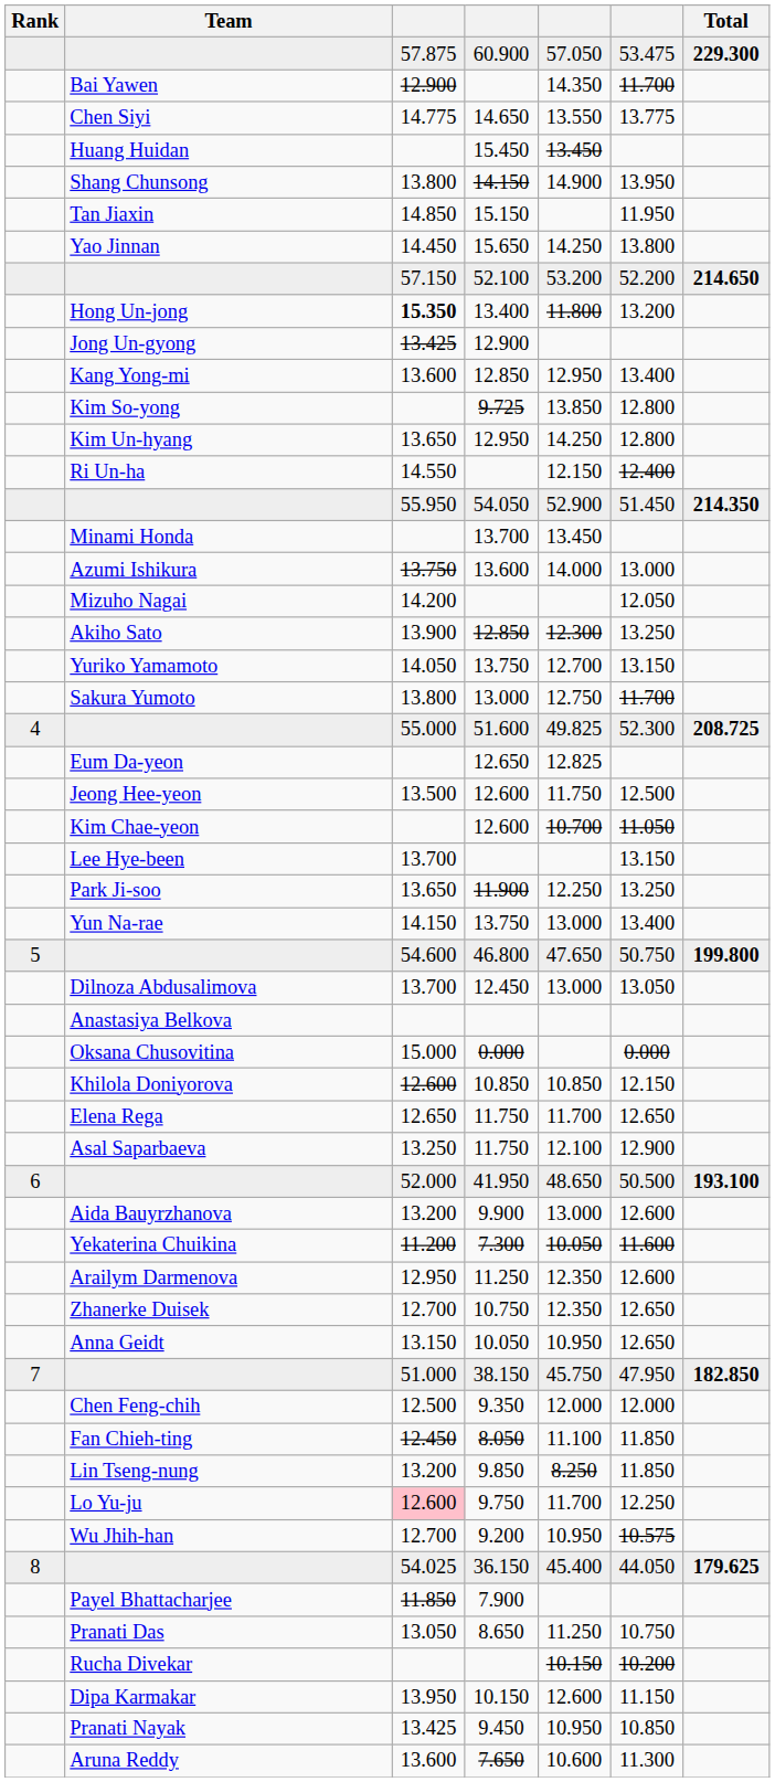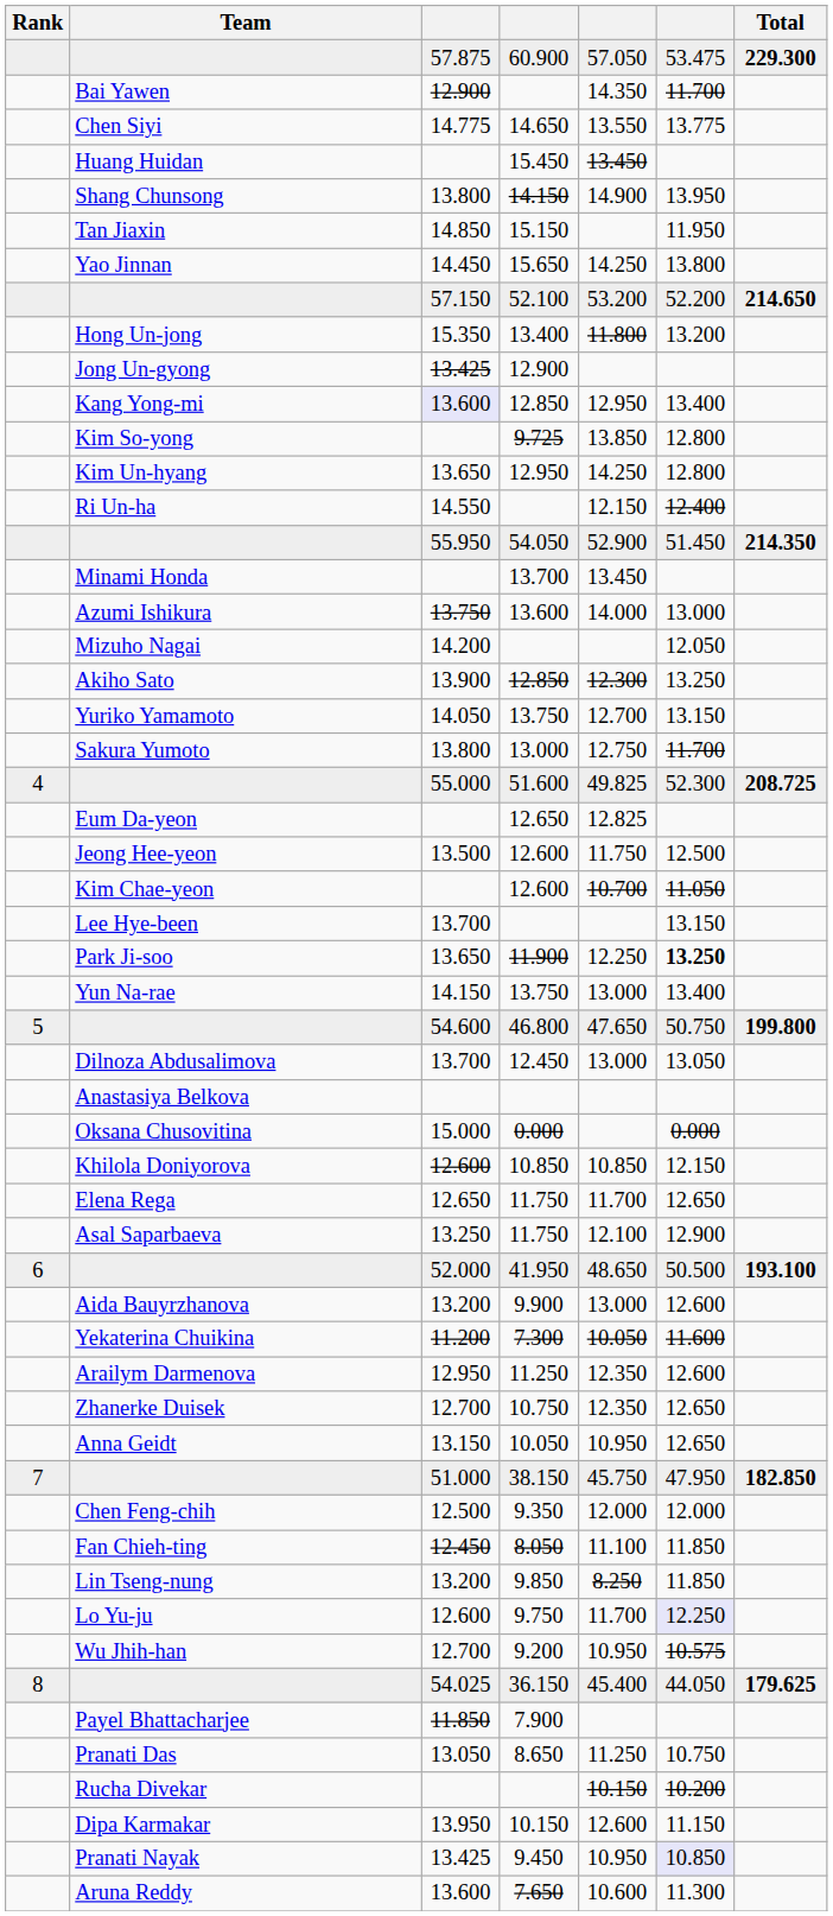 <table class=wikitable style="text-align:center">
 <tr>
 <th width=40>Rank</th>
 <th width=250>Team</th>
 <th width=50></th>
 <th width=50></th>
 <th width=50></th>
 <th width=50></th>
 <th width=60>Total</th>
 </tr>
 <tr bgcolor=eeeeee>
 <td></td>
 <td align=left></td>
 <td>57.875</td>
 <td>60.900</td>
 <td>57.050</td>
 <td>53.475</td>
 <td><strong>229.300</strong></td>
 </tr>
 <tr>
 <td></td>
 <td align=left><a href='#'>Bai Yawen</a></td>
 <td><s>12.900</s></td>
 <td></td>
 <td>14.350</td>
 <td><s>11.700</s></td>
 <td></td>
 </tr>
 <tr>
 <td></td>
 <td align=left><a href='#'>Chen Siyi</a></td>
 <td>14.775</td>
 <td>14.650</td>
 <td>13.550</td>
 <td>13.775</td>
 <td></td>
 </tr>
 <tr>
 <td></td>
 <td align=left><a href='#'>Huang Huidan</a></td>
 <td></td>
 <td>15.450</td>
 <td><s>13.450</s></td>
 <td></td>
 <td></td>
 </tr>
 <tr>
 <td></td>
 <td align=left><a href='#'>Shang Chunsong</a></td>
 <td>13.800</td>
 <td><s>14.150</s></td>
 <td>14.900</td>
 <td>13.950</td>
 <td></td>
 </tr>
 <tr>
 <td></td>
 <td align=left><a href='#'>Tan Jiaxin</a></td>
 <td>14.850</td>
 <td>15.150</td>
 <td></td>
 <td>11.950</td>
 <td></td>
 </tr>
 <tr>
 <td></td>
 <td align=left><a href='#'>Yao Jinnan</a></td>
 <td>14.450</td>
 <td>15.650</td>
 <td>14.250</td>
 <td>13.800</td>
 <td></td>
 </tr>
 <tr bgcolor=eeeeee>
 <td></td>
 <td align=left></td>
 <td>57.150</td>
 <td>52.100</td>
 <td>53.200</td>
 <td>52.200</td>
 <td><strong>214.650</strong></td>
 </tr>
 <tr>
 <td></td>
 <td align=left><a href='#'>Hong Un-jong</a></td>
-<td><strong>15.350</strong></td>
+<td>15.350</td>
 <td>13.400</td>
 <td><s>11.800</s></td>
 <td>13.200</td>
 <td></td>
 </tr>
 <tr>
 <td></td>
 <td align=left><a href='#'>Jong Un-gyong</a></td>
 <td><s>13.425</s></td>
 <td>12.900</td>
 <td></td>
 <td></td>
 <td></td>
 </tr>
 <tr>
 <td></td>
 <td align=left><a href='#'>Kang Yong-mi</a></td>
-<td>13.600</td>
+<td style="background: lavender;">13.600</td>
 <td>12.850</td>
 <td>12.950</td>
 <td>13.400</td>
 <td></td>
 </tr>
 <tr>
 <td></td>
 <td align=left><a href='#'>Kim So-yong</a></td>
 <td></td>
 <td><s>9.725</s></td>
 <td>13.850</td>
 <td>12.800</td>
 <td></td>
 </tr>
 <tr>
 <td></td>
 <td align=left><a href='#'>Kim Un-hyang</a></td>
 <td>13.650</td>
 <td>12.950</td>
 <td>14.250</td>
 <td>12.800</td>
 <td></td>
 </tr>
 <tr>
 <td></td>
 <td align=left><a href='#'>Ri Un-ha</a></td>
 <td>14.550</td>
 <td></td>
 <td>12.150</td>
 <td><s>12.400</s></td>
 <td></td>
 </tr>
 <tr bgcolor=eeeeee>
 <td></td>
 <td align=left></td>
 <td>55.950</td>
 <td>54.050</td>
 <td>52.900</td>
 <td>51.450</td>
 <td><strong>214.350</strong></td>
 </tr>
 <tr>
 <td></td>
 <td align=left><a href='#'>Minami Honda</a></td>
 <td></td>
 <td>13.700</td>
 <td>13.450</td>
 <td></td>
 <td></td>
 </tr>
 <tr>
 <td></td>
 <td align=left><a href='#'>Azumi Ishikura</a></td>
 <td><s>13.750</s></td>
 <td>13.600</td>
 <td>14.000</td>
 <td>13.000</td>
 <td></td>
 </tr>
 <tr>
 <td></td>
 <td align=left><a href='#'>Mizuho Nagai</a></td>
 <td>14.200</td>
 <td></td>
 <td></td>
 <td>12.050</td>
 <td></td>
 </tr>
 <tr>
 <td></td>
 <td align=left><a href='#'>Akiho Sato</a></td>
 <td>13.900</td>
 <td><s>12.850</s></td>
 <td><s>12.300</s></td>
 <td>13.250</td>
 <td></td>
 </tr>
 <tr>
 <td></td>
 <td align=left><a href='#'>Yuriko Yamamoto</a></td>
 <td>14.050</td>
 <td>13.750</td>
 <td>12.700</td>
 <td>13.150</td>
 <td></td>
 </tr>
 <tr>
 <td></td>
 <td align=left><a href='#'>Sakura Yumoto</a></td>
 <td>13.800</td>
 <td>13.000</td>
 <td>12.750</td>
 <td><s>11.700</s></td>
 <td></td>
 </tr>
 <tr bgcolor=eeeeee>
 <td>4</td>
 <td align=left></td>
 <td>55.000</td>
 <td>51.600</td>
 <td>49.825</td>
 <td>52.300</td>
 <td><strong>208.725</strong></td>
 </tr>
 <tr>
 <td></td>
 <td align=left><a href='#'>Eum Da-yeon</a></td>
 <td></td>
 <td>12.650</td>
 <td>12.825</td>
 <td></td>
 <td></td>
 </tr>
 <tr>
 <td></td>
 <td align=left><a href='#'>Jeong Hee-yeon</a></td>
 <td>13.500</td>
 <td>12.600</td>
 <td>11.750</td>
 <td>12.500</td>
 <td></td>
 </tr>
 <tr>
 <td></td>
 <td align=left><a href='#'>Kim Chae-yeon</a></td>
 <td></td>
 <td>12.600</td>
 <td><s>10.700</s></td>
 <td><s>11.050</s></td>
 <td></td>
 </tr>
 <tr>
 <td></td>
 <td align=left><a href='#'>Lee Hye-been</a></td>
 <td>13.700</td>
 <td></td>
 <td></td>
 <td>13.150</td>
 <td></td>
 </tr>
 <tr>
 <td></td>
 <td align=left><a href='#'>Park Ji-soo</a></td>
 <td>13.650</td>
 <td><s>11.900</s></td>
 <td>12.250</td>
-<td>13.250</td>
+<td><strong>13.250</strong></td>
 <td></td>
 </tr>
 <tr>
 <td></td>
 <td align=left><a href='#'>Yun Na-rae</a></td>
 <td>14.150</td>
 <td>13.750</td>
 <td>13.000</td>
 <td>13.400</td>
 <td></td>
 </tr>
 <tr bgcolor=eeeeee>
 <td>5</td>
 <td align=left></td>
 <td>54.600</td>
 <td>46.800</td>
 <td>47.650</td>
 <td>50.750</td>
 <td><strong>199.800</strong></td>
 </tr>
 <tr>
 <td></td>
 <td align=left><a href='#'>Dilnoza Abdusalimova</a></td>
 <td>13.700</td>
 <td>12.450</td>
 <td>13.000</td>
 <td>13.050</td>
 <td></td>
 </tr>
 <tr>
 <td></td>
 <td align=left><a href='#'>Anastasiya Belkova</a></td>
 <td></td>
 <td></td>
 <td></td>
 <td></td>
 <td></td>
 </tr>
 <tr>
 <td></td>
 <td align=left><a href='#'>Oksana Chusovitina</a></td>
 <td>15.000</td>
 <td><s>0.000</s></td>
 <td></td>
 <td><s>0.000</s></td>
 <td></td>
 </tr>
 <tr>
 <td></td>
 <td align=left><a href='#'>Khilola Doniyorova</a></td>
 <td><s>12.600</s></td>
 <td>10.850</td>
 <td>10.850</td>
 <td>12.150</td>
 <td></td>
 </tr>
 <tr>
 <td></td>
 <td align=left><a href='#'>Elena Rega</a></td>
 <td>12.650</td>
 <td>11.750</td>
 <td>11.700</td>
 <td>12.650</td>
 <td></td>
 </tr>
 <tr>
 <td></td>
 <td align=left><a href='#'>Asal Saparbaeva</a></td>
 <td>13.250</td>
 <td>11.750</td>
 <td>12.100</td>
 <td>12.900</td>
 <td></td>
 </tr>
 <tr bgcolor=eeeeee>
 <td>6</td>
 <td align=left></td>
 <td>52.000</td>
 <td>41.950</td>
 <td>48.650</td>
 <td>50.500</td>
 <td><strong>193.100</strong></td>
 </tr>
 <tr>
 <td></td>
 <td align=left><a href='#'>Aida Bauyrzhanova</a></td>
 <td>13.200</td>
 <td>9.900</td>
 <td>13.000</td>
 <td>12.600</td>
 <td></td>
 </tr>
 <tr>
 <td></td>
 <td align=left><a href='#'>Yekaterina Chuikina</a></td>
 <td><s>11.200</s></td>
 <td><s>7.300</s></td>
 <td><s>10.050</s></td>
 <td><s>11.600</s></td>
 <td></td>
 </tr>
 <tr>
 <td></td>
 <td align=left><a href='#'>Arailym Darmenova</a></td>
 <td>12.950</td>
 <td>11.250</td>
 <td>12.350</td>
 <td>12.600</td>
 <td></td>
 </tr>
 <tr>
 <td></td>
 <td align=left><a href='#'>Zhanerke Duisek</a></td>
 <td>12.700</td>
 <td>10.750</td>
 <td>12.350</td>
 <td>12.650</td>
 <td></td>
 </tr>
 <tr>
 <td></td>
 <td align=left><a href='#'>Anna Geidt</a></td>
 <td>13.150</td>
 <td>10.050</td>
 <td>10.950</td>
 <td>12.650</td>
 <td></td>
 </tr>
 <tr bgcolor=eeeeee>
 <td>7</td>
 <td align=left></td>
 <td>51.000</td>
 <td>38.150</td>
 <td>45.750</td>
 <td>47.950</td>
 <td><strong>182.850</strong></td>
 </tr>
 <tr>
 <td></td>
 <td align=left><a href='#'>Chen Feng-chih</a></td>
 <td>12.500</td>
 <td>9.350</td>
 <td>12.000</td>
 <td>12.000</td>
 <td></td>
 </tr>
 <tr>
 <td></td>
 <td align=left><a href='#'>Fan Chieh-ting</a></td>
 <td><s>12.450</s></td>
 <td><s>8.050</s></td>
 <td>11.100</td>
 <td>11.850</td>
 <td></td>
 </tr>
 <tr>
 <td></td>
 <td align=left><a href='#'>Lin Tseng-nung</a></td>
 <td>13.200</td>
 <td>9.850</td>
 <td><s>8.250</s></td>
 <td>11.850</td>
 <td></td>
 </tr>
 <tr>
 <td></td>
 <td align=left><a href='#'>Lo Yu-ju</a></td>
-<td style="background: pink;">12.600</td>
+<td>12.600</td>
 <td>9.750</td>
 <td>11.700</td>
-<td>12.250</td>
+<td style="background: lavender;">12.250</td>
 <td></td>
 </tr>
 <tr>
 <td></td>
 <td align=left><a href='#'>Wu Jhih-han</a></td>
 <td>12.700</td>
 <td>9.200</td>
 <td>10.950</td>
 <td><s>10.575</s></td>
 <td></td>
 </tr>
 <tr bgcolor=eeeeee>
 <td>8</td>
 <td align=left></td>
 <td>54.025</td>
 <td>36.150</td>
 <td>45.400</td>
 <td>44.050</td>
 <td><strong>179.625</strong></td>
 </tr>
 <tr>
 <td></td>
 <td align=left><a href='#'>Payel Bhattacharjee</a></td>
 <td><s>11.850</s></td>
 <td>7.900</td>
 <td></td>
 <td></td>
 <td></td>
 </tr>
 <tr>
 <td></td>
 <td align=left><a href='#'>Pranati Das</a></td>
 <td>13.050</td>
 <td>8.650</td>
 <td>11.250</td>
 <td>10.750</td>
 <td></td>
 </tr>
 <tr>
 <td></td>
 <td align=left><a href='#'>Rucha Divekar</a></td>
 <td></td>
 <td></td>
 <td><s>10.150</s></td>
 <td><s>10.200</s></td>
 <td></td>
 </tr>
 <tr>
 <td></td>
 <td align=left><a href='#'>Dipa Karmakar</a></td>
 <td>13.950</td>
 <td>10.150</td>
 <td>12.600</td>
 <td>11.150</td>
 <td></td>
 </tr>
 <tr>
 <td></td>
 <td align=left><a href='#'>Pranati Nayak</a></td>
 <td>13.425</td>
 <td>9.450</td>
 <td>10.950</td>
-<td>10.850</td>
+<td style="background: lavender;">10.850</td>
 <td></td>
 </tr>
 <tr>
 <td></td>
 <td align=left><a href='#'>Aruna Reddy</a></td>
 <td>13.600</td>
 <td><s>7.650</s></td>
 <td>10.600</td>
 <td>11.300</td>
 <td></td>
 </tr>
 </table>
